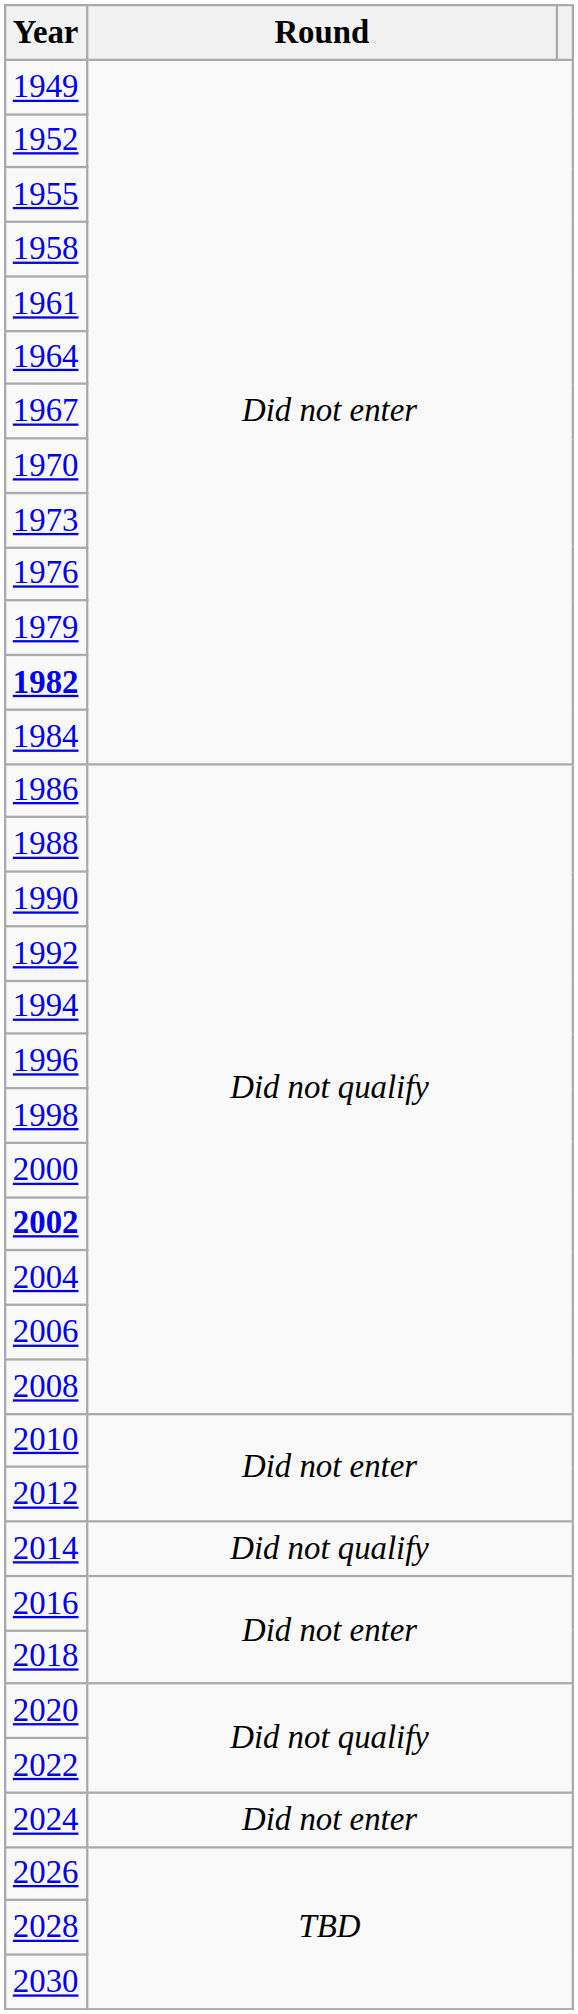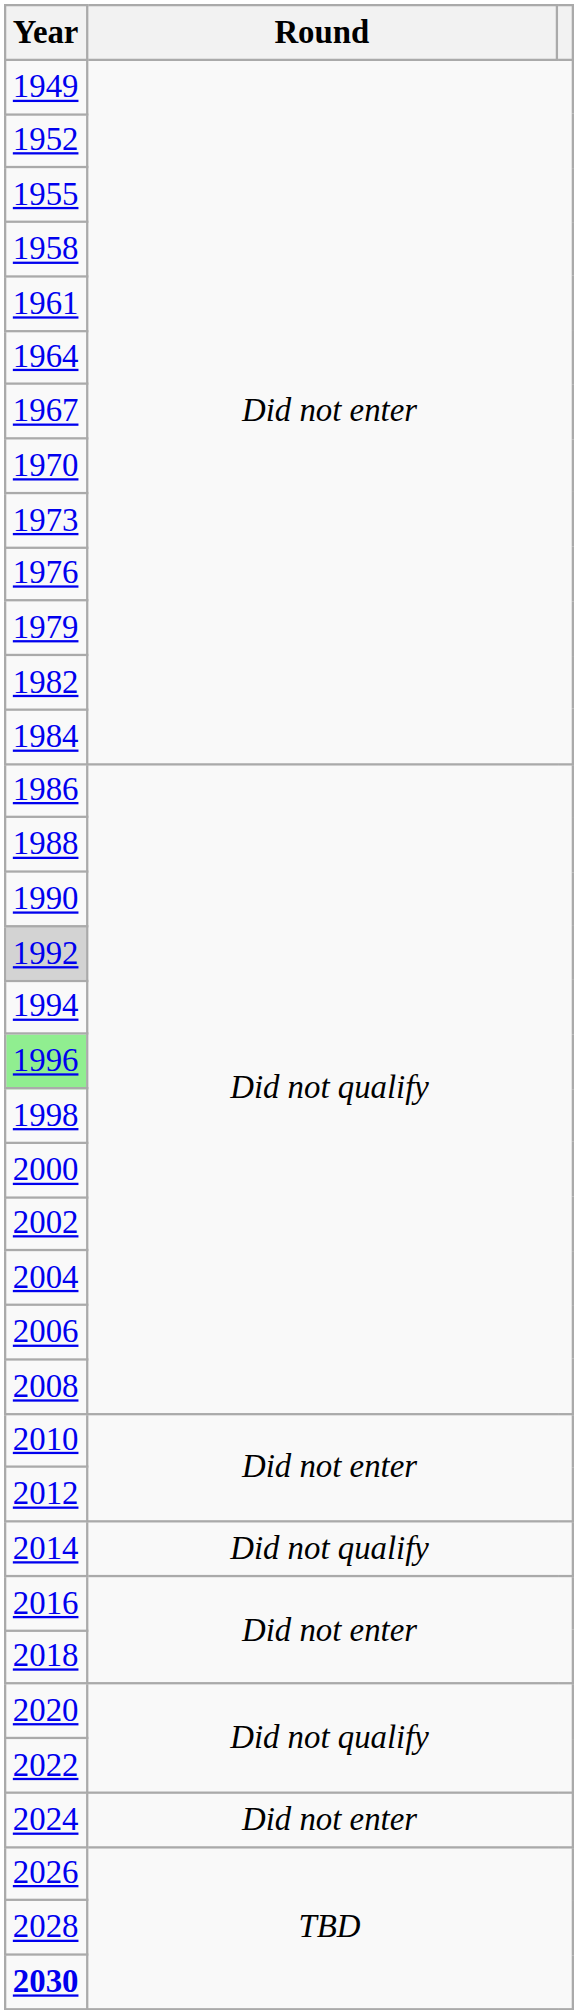 <table class="wikitable" style="text-align: center; font-size:90%">
 <tr>
 <th>Year</th>
 <th style="width:200px">Round</th>
 <th></th>
 </tr>
 <tr>
 <td><a href='#'>1949</a></td>
 <td colspan="2" rowspan="13"><em>Did not enter</em></td>
 </tr>
 <tr>
 <td><a href='#'>1952</a></td>
 </tr>
 <tr>
 <td><a href='#'>1955</a></td>
 </tr>
 <tr>
 <td><a href='#'>1958</a></td>
 </tr>
 <tr>
 <td><a href='#'>1961</a></td>
 </tr>
 <tr>
 <td><a href='#'>1964</a></td>
 </tr>
 <tr>
 <td><a href='#'>1967</a></td>
 </tr>
 <tr>
 <td><a href='#'>1970</a></td>
 </tr>
 <tr>
 <td><a href='#'>1973</a></td>
 </tr>
 <tr>
 <td><a href='#'>1976</a></td>
 </tr>
 <tr>
 <td><a href='#'>1979</a></td>
 </tr>
 <tr>
-<td><strong><a href='#'>1982</a></strong></td>
+<td><a href='#'>1982</a></td>
 </tr>
 <tr>
 <td><a href='#'>1984</a></td>
 </tr>
 <tr>
 <td><a href='#'>1986</a></td>
 <td colspan="2" rowspan="12"><em>Did not qualify</em></td>
 </tr>
 <tr>
 <td><a href='#'>1988</a></td>
 </tr>
 <tr>
 <td><a href='#'>1990</a></td>
 </tr>
 <tr>
-<td><a href='#'>1992</a></td>
+<td style="background: lightgrey;"><a href='#'>1992</a></td>
 </tr>
 <tr>
 <td><a href='#'>1994</a></td>
 </tr>
 <tr>
-<td><a href='#'>1996</a></td>
+<td style="background: lightgreen;"><a href='#'>1996</a></td>
 </tr>
 <tr>
 <td><a href='#'>1998</a></td>
 </tr>
 <tr>
 <td><a href='#'>2000</a></td>
 </tr>
 <tr>
-<td><strong><a href='#'>2002</a></strong></td>
+<td><a href='#'>2002</a></td>
 </tr>
 <tr>
 <td><a href='#'>2004</a></td>
 </tr>
 <tr>
 <td><a href='#'>2006</a></td>
 </tr>
 <tr>
 <td><a href='#'>2008</a></td>
 </tr>
 <tr>
 <td><a href='#'>2010</a></td>
 <td colspan="2" rowspan="2"><em>Did not enter</em></td>
 </tr>
 <tr>
 <td><a href='#'>2012</a></td>
 </tr>
 <tr>
 <td><a href='#'>2014</a></td>
 <td colspan="2"><em>Did not qualify</em></td>
 </tr>
 <tr>
 <td><a href='#'>2016</a></td>
 <td colspan="2" rowspan="2"><em>Did not enter</em></td>
 </tr>
 <tr>
 <td><a href='#'>2018</a></td>
 </tr>
 <tr>
 <td><a href='#'>2020</a></td>
 <td colspan="2" rowspan="2"><em>Did not qualify</em></td>
 </tr>
 <tr>
 <td><a href='#'>2022</a></td>
 </tr>
 <tr>
 <td><a href='#'>2024</a></td>
 <td colspan="2"><em>Did not enter</em></td>
 </tr>
 <tr>
 <td><a href='#'>2026</a></td>
 <td colspan="2" rowspan="3"><em>TBD</em></td>
 </tr>
 <tr>
 <td><a href='#'>2028</a></td>
 </tr>
 <tr>
-<td><a href='#'>2030</a></td>
+<td><strong><a href='#'>2030</a></strong></td>
 </tr>
 </table>
